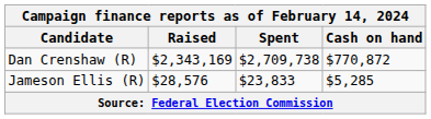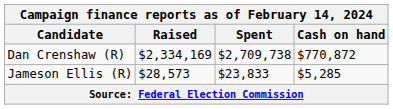 <table class="wikitable sortable">
 <tr>
 <th colspan=4>Campaign finance reports as of February 14, 2024</th>
 </tr>
 <tr style="text-align:center;">
 <th>Candidate</th>
 <th>Raised</th>
 <th>Spent</th>
 <th>Cash on hand</th>
 </tr>
 <tr>
 <td style="background-color:">Dan Crenshaw (R)</td>
-<td>$2,343,169</td>
+<td>$2,334,169</td>
 <td>$2,709,738</td>
 <td>$770,872</td>
 </tr>
 <tr>
 <td style="background-color:">Jameson Ellis (R)</td>
-<td>$28,576</td>
+<td>$28,573</td>
 <td>$23,833</td>
 <td>$5,285</td>
 </tr>
 <tr>
 <th colspan="4"><small>Source: <a href='#'>Federal Election Commission</a></small></th>
 </tr>
 </table>
